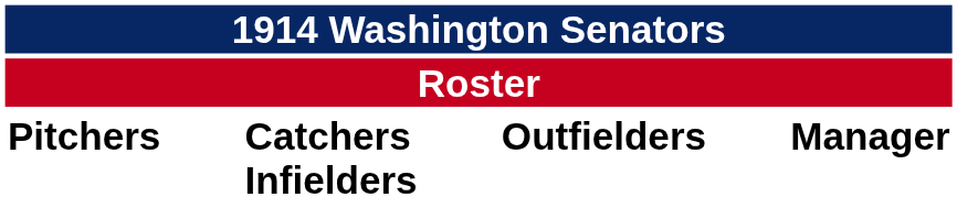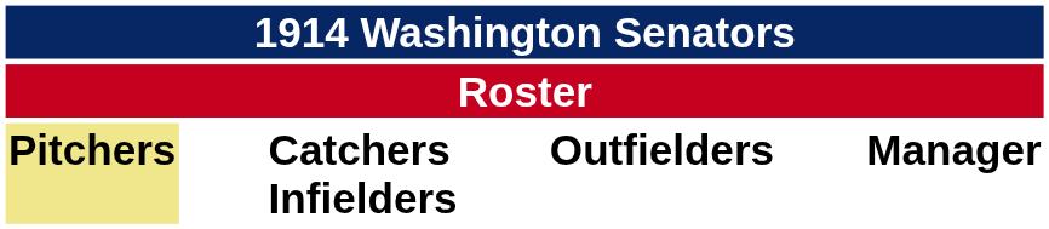 <table class="toccolours" style="font-size: 95%;">
 <tr>
 <th colspan="10" style="background-color: #072764; color: white; text-align: center;">1914 Washington Senators</th>
 </tr>
 <tr>
 <td colspan="10" style="background-color: #c6011f; color: white; text-align: center;"><strong>Roster</strong></td>
 </tr>
 <tr>
-<td valign="top"><strong>Pitchers</strong><br>             </td>
+<td valign="top" style="background: khaki;"><strong>Pitchers</strong><br>             </td>
 <td width="25px"></td>
 <td valign="top"><strong>Catchers</strong><br>    <strong>Infielders</strong>       </td>
 <td width="25px"></td>
 <td valign="top"><strong>Outfielders</strong><br>       </td>
 <td width="25px"></td>
 <td valign="top"><strong>Manager</strong><br></td>
 </tr>
 </table>
